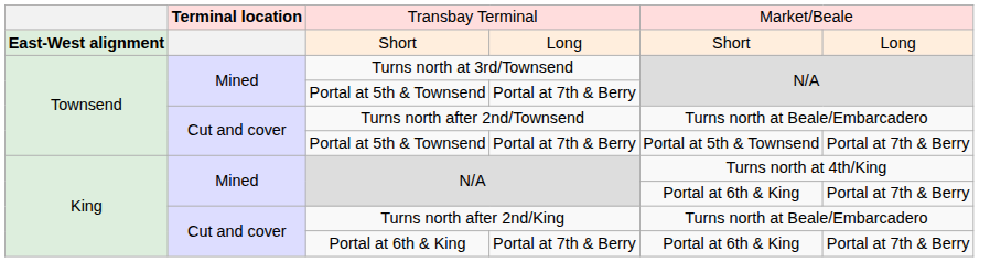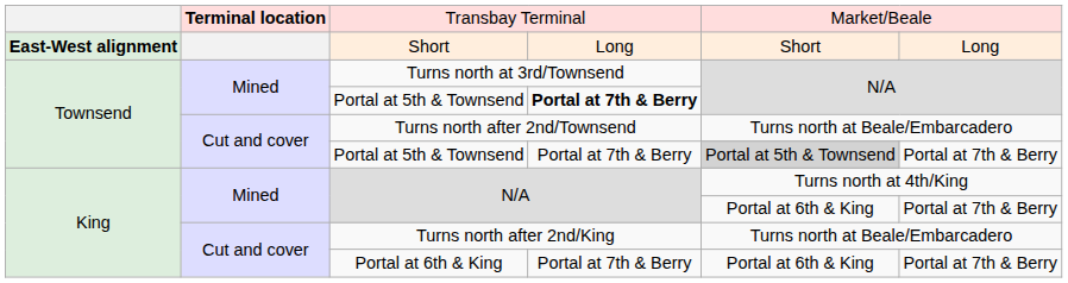 <table class="wikitable" style="text-align:center;">
 <tr style="background:#fdd;">
 <th> </th>
 <th style="background:#fdd;">Terminal location</th>
 <td colspan=2>Transbay Terminal</td>
 <td colspan=2>Market/Beale</td>
 </tr>
 <tr style="background:#fed;">
 <th style="background:#ded;">East-West alignment</th>
 <th></th>
 <td>Short</td>
 <td>Long</td>
 <td>Short</td>
 <td>Long</td>
 </tr>
 <tr>
 <td style="background:#ded;" rowspan=4>Townsend</td>
 <td style="background:#ddf;" rowspan=2>Mined</td>
 <td colspan=2>Turns north at 3rd/Townsend</td>
 <td style="background:#ddd;" colspan=2 rowspan=2>N/A</td>
 </tr>
 <tr>
 <td>Portal at 5th & Townsend</td>
-<td>Portal at 7th & Berry</td>
+<td><strong>Portal at 7th & Berry</strong></td>
 </tr>
 <tr>
 <td style="background:#ddf;" rowspan=2>Cut and cover</td>
 <td colspan=2>Turns north after 2nd/Townsend</td>
 <td colspan=2>Turns north at Beale/Embarcadero</td>
 </tr>
 <tr>
 <td>Portal at 5th & Townsend</td>
 <td>Portal at 7th & Berry</td>
-<td>Portal at 5th & Townsend</td>
+<td style="background: lightgrey;">Portal at 5th & Townsend</td>
 <td>Portal at 7th & Berry</td>
 </tr>
 <tr>
 <td style="background:#ded;" rowspan=4>King</td>
 <td style="background:#ddf;" rowspan=2>Mined</td>
 <td style="background:#ddd;" colspan=2 rowspan=2>N/A</td>
 <td colspan=2>Turns north at 4th/King</td>
 </tr>
 <tr>
 <td>Portal at 6th & King</td>
 <td>Portal at 7th & Berry</td>
 </tr>
 <tr>
 <td style="background:#ddf;" rowspan=2>Cut and cover</td>
 <td colspan=2>Turns north after 2nd/King</td>
 <td colspan=2>Turns north at Beale/Embarcadero</td>
 </tr>
 <tr>
 <td>Portal at 6th & King</td>
 <td>Portal at 7th & Berry</td>
 <td>Portal at 6th & King</td>
 <td>Portal at 7th & Berry</td>
 </tr>
 </table>
